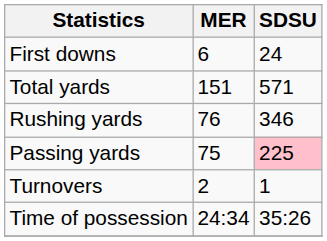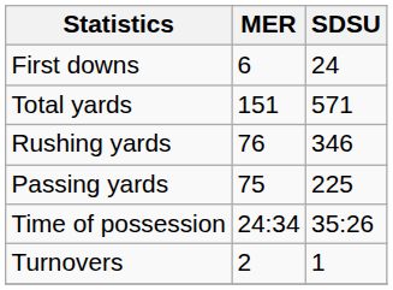 <table class="wikitable">
 <tr>
 <th>Statistics</th>
 <th>MER</th>
 <th>SDSU</th>
 </tr>
 <tr>
 <td>First downs</td>
 <td>6</td>
 <td>24</td>
 </tr>
 <tr>
 <td>Total yards</td>
 <td>151</td>
 <td>571</td>
 </tr>
 <tr>
 <td>Rushing yards</td>
 <td>76</td>
 <td>346</td>
 </tr>
 <tr>
 <td>Passing yards</td>
 <td>75</td>
-<td style="background: pink;">225</td>
+<td>225</td>
+</tr>
+<tr>
+<td>Time of possession</td>
+<td>24:34</td>
+<td>35:26</td>
 </tr>
 <tr>
 <td>Turnovers</td>
 <td>2</td>
 <td>1</td>
 </tr>
 <tr>
-<td>Time of possession</td>
-<td>24:34</td>
-<td>35:26</td>
-</tr>
-<tr>
 </tr>
 </table>
